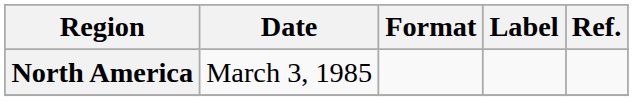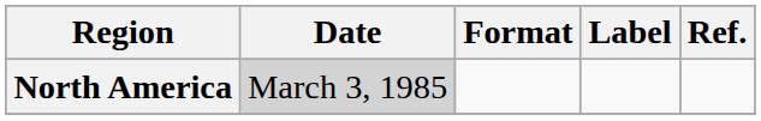 <table class="wikitable plainrowheaders">
 <tr>
 <th scope="col">Region</th>
 <th scope="col">Date</th>
 <th scope="col">Format</th>
 <th scope="col">Label</th>
 <th scope="col">Ref.</th>
 </tr>
 <tr>
 <th scope="row">North America</th>
-<td>March 3, 1985</td>
+<td style="background: lightgrey;">March 3, 1985</td>
 <td></td>
 <td></td>
 <td></td>
 </tr>
 <tr>
 </tr>
 </table>
